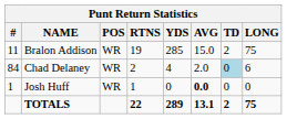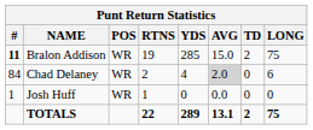 <table class="wikitable sortable collapsible collapsed">
 <tr>
 <th colspan="8">Punt Return Statistics</th>
 </tr>
 <tr>
 <th>#</th>
 <th>NAME</th>
 <th>POS</th>
 <th>RTNS</th>
 <th>YDS</th>
 <th>AVG</th>
 <th>TD</th>
 <th>LONG</th>
 </tr>
 <tr>
-<td>11</td>
+<td><strong>11</strong></td>
 <td>Bralon Addison</td>
 <td>WR</td>
 <td>19</td>
 <td>285</td>
 <td>15.0</td>
 <td>2</td>
 <td>75</td>
 </tr>
 <tr>
 <td>84</td>
 <td>Chad Delaney</td>
 <td>WR</td>
 <td>2</td>
 <td>4</td>
-<td>2.0</td>
-<td style="background: lightblue;">0</td>
+<td style="background: lightgrey;">2.0</td>
+<td>0</td>
 <td>6</td>
 </tr>
 <tr>
 <td>1</td>
 <td>Josh Huff</td>
 <td>WR</td>
 <td>1</td>
 <td>0</td>
-<td><strong>0.0</strong></td>
+<td>0.0</td>
 <td>0</td>
 <td>0</td>
 </tr>
 <tr>
 <td></td>
 <td><strong>TOTALS</strong></td>
 <td></td>
 <td><strong>22</strong></td>
 <td><strong>289</strong></td>
 <td><strong>13.1</strong></td>
 <td><strong>2</strong></td>
 <td><strong>75</strong></td>
 </tr>
 </table>
